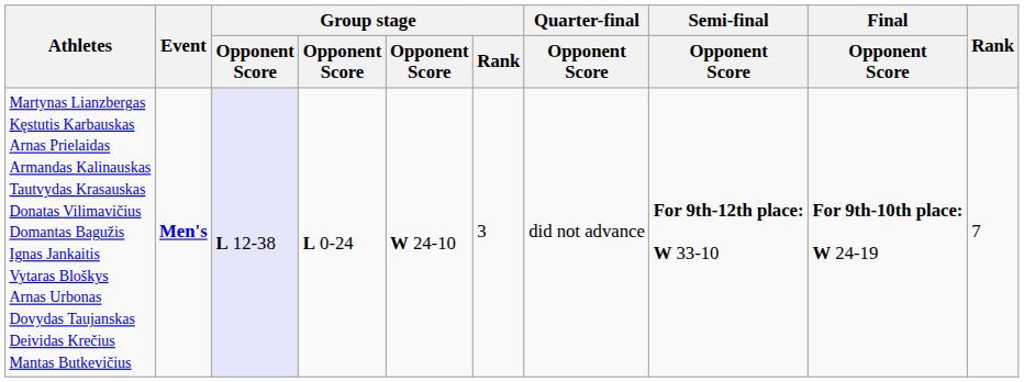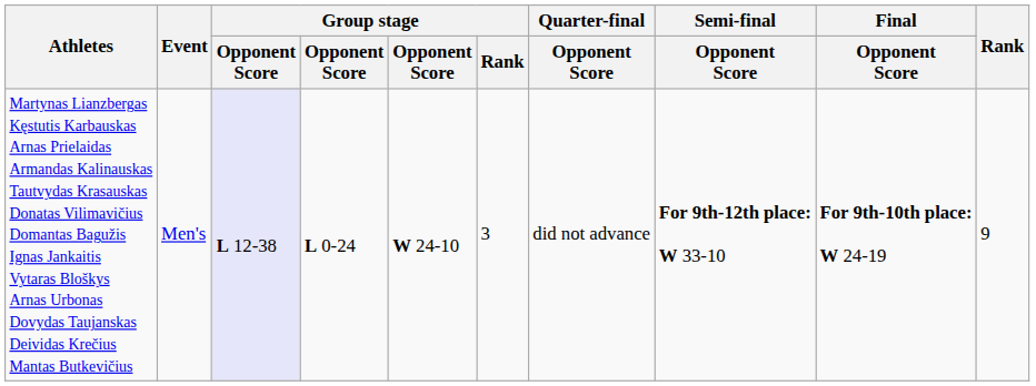 <table class="wikitable sortable" style="text-align:left; font-size:90%">
 <tr>
 <th rowspan="2">Athletes</th>
 <th rowspan="2">Event</th>
 <th colspan="4">Group stage</th>
 <th>Quarter-final</th>
 <th>Semi-final</th>
 <th>Final</th>
 <th rowspan="2">Rank</th>
 </tr>
 <tr>
 <th>Opponent<br>Score</th>
 <th>Opponent<br>Score</th>
 <th>Opponent<br>Score</th>
 <th>Rank</th>
 <th>Opponent<br>Score</th>
 <th>Opponent<br>Score</th>
 <th>Opponent<br>Score</th>
 </tr>
 <tr>
 <td><small><a href='#'>Martynas Lianzbergas</a><br><a href='#'>Kęstutis Karbauskas</a><br><a href='#'>Arnas Prielaidas</a><br><a href='#'>Armandas Kalinauskas</a><br><a href='#'>Tautvydas Krasauskas</a><br><a href='#'>Donatas Vilimavičius</a><br><a href='#'>Domantas Bagužis</a><br><a href='#'>Ignas Jankaitis</a><br><a href='#'>Vytaras Bloškys</a><br><a href='#'>Arnas Urbonas</a><br><a href='#'>Dovydas Taujanskas</a><br><a href='#'>Deividas Krečius</a><br><a href='#'>Mantas Butkevičius</a><br></small></td>
-<td><strong><a href='#'>Men's</a></strong></td>
+<td><a href='#'>Men's</a></td>
 <td style="background: lavender;"> <br> <strong>L</strong> 12-38</td>
 <td> <br> <strong>L</strong> 0-24</td>
 <td> <br> <strong>W</strong> 24-10</td>
 <td>3</td>
 <td>did not advance</td>
 <td><strong>For 9th-12th place:</strong><br> <br> <strong>W</strong> 33-10</td>
 <td><strong>For 9th-10th place:</strong><br> <br> <strong>W</strong> 24-19</td>
-<td>7</td>
+<td>9</td>
 </tr>
 </table>
